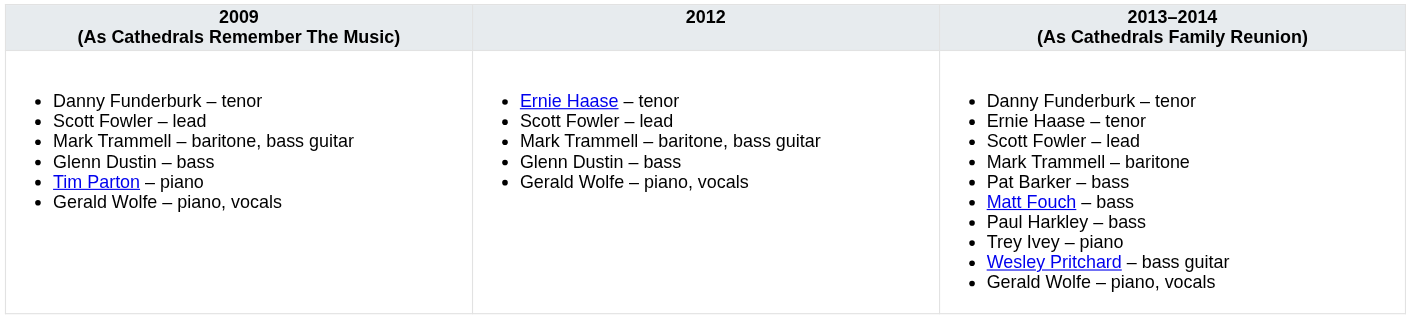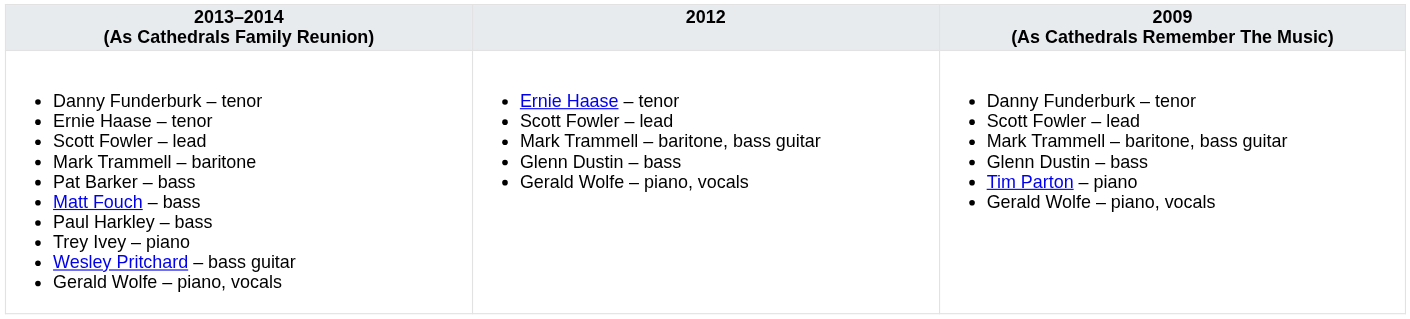 <table class="toccolours" style="float: width: 375px; margin: 0 0 1em 1em; border-collapse: collapse; border: 1px solid #E2E2E2;" width="99%" cellspacing="0" cellpadding="2" border="1">
 <tr>
+<th width="25%" valign="top" bgcolor="#E7EBEE">2013–2014<br>(As Cathedrals Family Reunion)</th>
+<th width="25%" valign="top" bgcolor="#E7EBEE">2012</th>
 <th width="25%" valign="top" bgcolor="#E7EBEE">2009<br>(As Cathedrals Remember The Music)</th>
-<th width="25%" valign="top" bgcolor="#E7EBEE">2012</th>
-<th width="25%" valign="top" bgcolor="#E7EBEE">2013–2014<br>(As Cathedrals Family Reunion)</th>
 </tr>
 <tr>
+<td valign="top"><br><ul><li>Danny Funderburk – tenor</li><li>Ernie Haase – tenor</li><li>Scott Fowler – lead</li><li>Mark Trammell – baritone</li><li>Pat Barker – bass</li><li><a href='#'>Matt Fouch</a> – bass</li><li>Paul Harkley – bass</li><li>Trey Ivey – piano</li><li><a href='#'>Wesley Pritchard</a> – bass guitar</li><li>Gerald Wolfe – piano, vocals</li></ul></td>
+<td valign="top"><br><ul><li><a href='#'>Ernie Haase</a> – tenor</li><li>Scott Fowler – lead</li><li>Mark Trammell – baritone, bass guitar</li><li>Glenn Dustin – bass</li><li>Gerald Wolfe – piano, vocals</li></ul></td>
 <td valign="top"><br><ul><li>Danny Funderburk – tenor</li><li>Scott Fowler – lead</li><li>Mark Trammell – baritone, bass guitar</li><li>Glenn Dustin – bass</li><li><a href='#'>Tim Parton</a> – piano</li><li>Gerald Wolfe – piano, vocals</li></ul></td>
-<td valign="top"><br><ul><li><a href='#'>Ernie Haase</a> – tenor</li><li>Scott Fowler – lead</li><li>Mark Trammell – baritone, bass guitar</li><li>Glenn Dustin – bass</li><li>Gerald Wolfe – piano, vocals</li></ul></td>
-<td valign="top"><br><ul><li>Danny Funderburk – tenor</li><li>Ernie Haase – tenor</li><li>Scott Fowler – lead</li><li>Mark Trammell – baritone</li><li>Pat Barker – bass</li><li><a href='#'>Matt Fouch</a> – bass</li><li>Paul Harkley – bass</li><li>Trey Ivey – piano</li><li><a href='#'>Wesley Pritchard</a> – bass guitar</li><li>Gerald Wolfe – piano, vocals</li></ul></td>
 </tr>
 </table>
